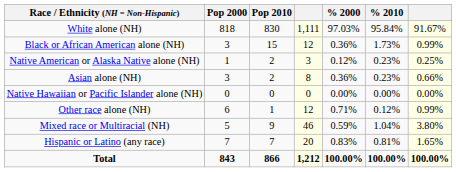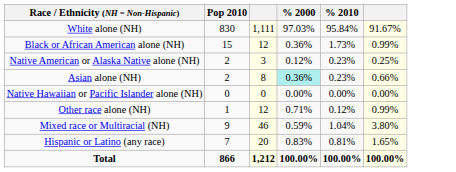 <table class="wikitable" style="text-align:center;">
 <tr>
 <th>Race / Ethnicity <small>(<em>NH = Non-Hispanic</em>)</small></th>
-<th>Pop 2000</th>
 <th>Pop 2010</th>
 <th></th>
 <th>% 2000</th>
 <th>% 2010</th>
 <th></th>
 </tr>
 <tr>
 <td><a href='#'>White</a> alone (NH)</td>
-<td>818</td>
 <td>830</td>
 <td style='background: #ffffe6;'>1,111</td>
 <td>97.03%</td>
 <td>95.84%</td>
 <td style='background: #ffffe6;'>91.67%</td>
 </tr>
 <tr>
 <td><a href='#'>Black or African American</a> alone (NH)</td>
-<td>3</td>
 <td>15</td>
 <td style='background: #ffffe6;'>12</td>
 <td>0.36%</td>
 <td>1.73%</td>
 <td style='background: #ffffe6;'>0.99%</td>
 </tr>
 <tr>
 <td><a href='#'>Native American</a> or <a href='#'>Alaska Native</a> alone (NH)</td>
-<td>1</td>
 <td>2</td>
 <td style='background: #ffffe6;'>3</td>
 <td>0.12%</td>
 <td>0.23%</td>
 <td style='background: #ffffe6;'>0.25%</td>
 </tr>
 <tr>
 <td><a href='#'>Asian</a> alone (NH)</td>
-<td>3</td>
 <td>2</td>
 <td style='background: #ffffe6;'>8</td>
-<td>0.36%</td>
+<td style="background: paleturquoise;">0.36%</td>
 <td>0.23%</td>
 <td style='background: #ffffe6;'>0.66%</td>
 </tr>
 <tr>
 <td><a href='#'>Native Hawaiian</a> or <a href='#'>Pacific Islander</a> alone (NH)</td>
-<td>0</td>
 <td>0</td>
 <td style='background: #ffffe6;'>0</td>
 <td>0.00%</td>
 <td>0.00%</td>
 <td style='background: #ffffe6;'>0.00%</td>
 </tr>
 <tr>
 <td><a href='#'>Other race</a> alone (NH)</td>
-<td>6</td>
 <td>1</td>
 <td style='background: #ffffe6;'>12</td>
 <td>0.71%</td>
 <td>0.12%</td>
 <td style='background: #ffffe6;'>0.99%</td>
 </tr>
 <tr>
 <td><a href='#'>Mixed race or Multiracial</a> (NH)</td>
-<td>5</td>
 <td>9</td>
 <td style='background: #ffffe6;'>46</td>
 <td>0.59%</td>
 <td>1.04%</td>
 <td style='background: #ffffe6;'>3.80%</td>
 </tr>
 <tr>
 <td><a href='#'>Hispanic or Latino</a> (any race)</td>
 <td>7</td>
-<td>7</td>
 <td style='background: #ffffe6;'>20</td>
 <td>0.83%</td>
 <td>0.81%</td>
 <td style='background: #ffffe6;'>1.65%</td>
 </tr>
 <tr>
 <td><strong>Total</strong></td>
-<td><strong>843</strong></td>
 <td><strong>866</strong></td>
 <td style='background: #ffffe6;'><strong>1,212</strong></td>
 <td><strong>100.00%</strong></td>
 <td><strong>100.00%</strong></td>
 <td style='background: #ffffe6;'><strong>100.00%</strong></td>
 </tr>
 </table>
